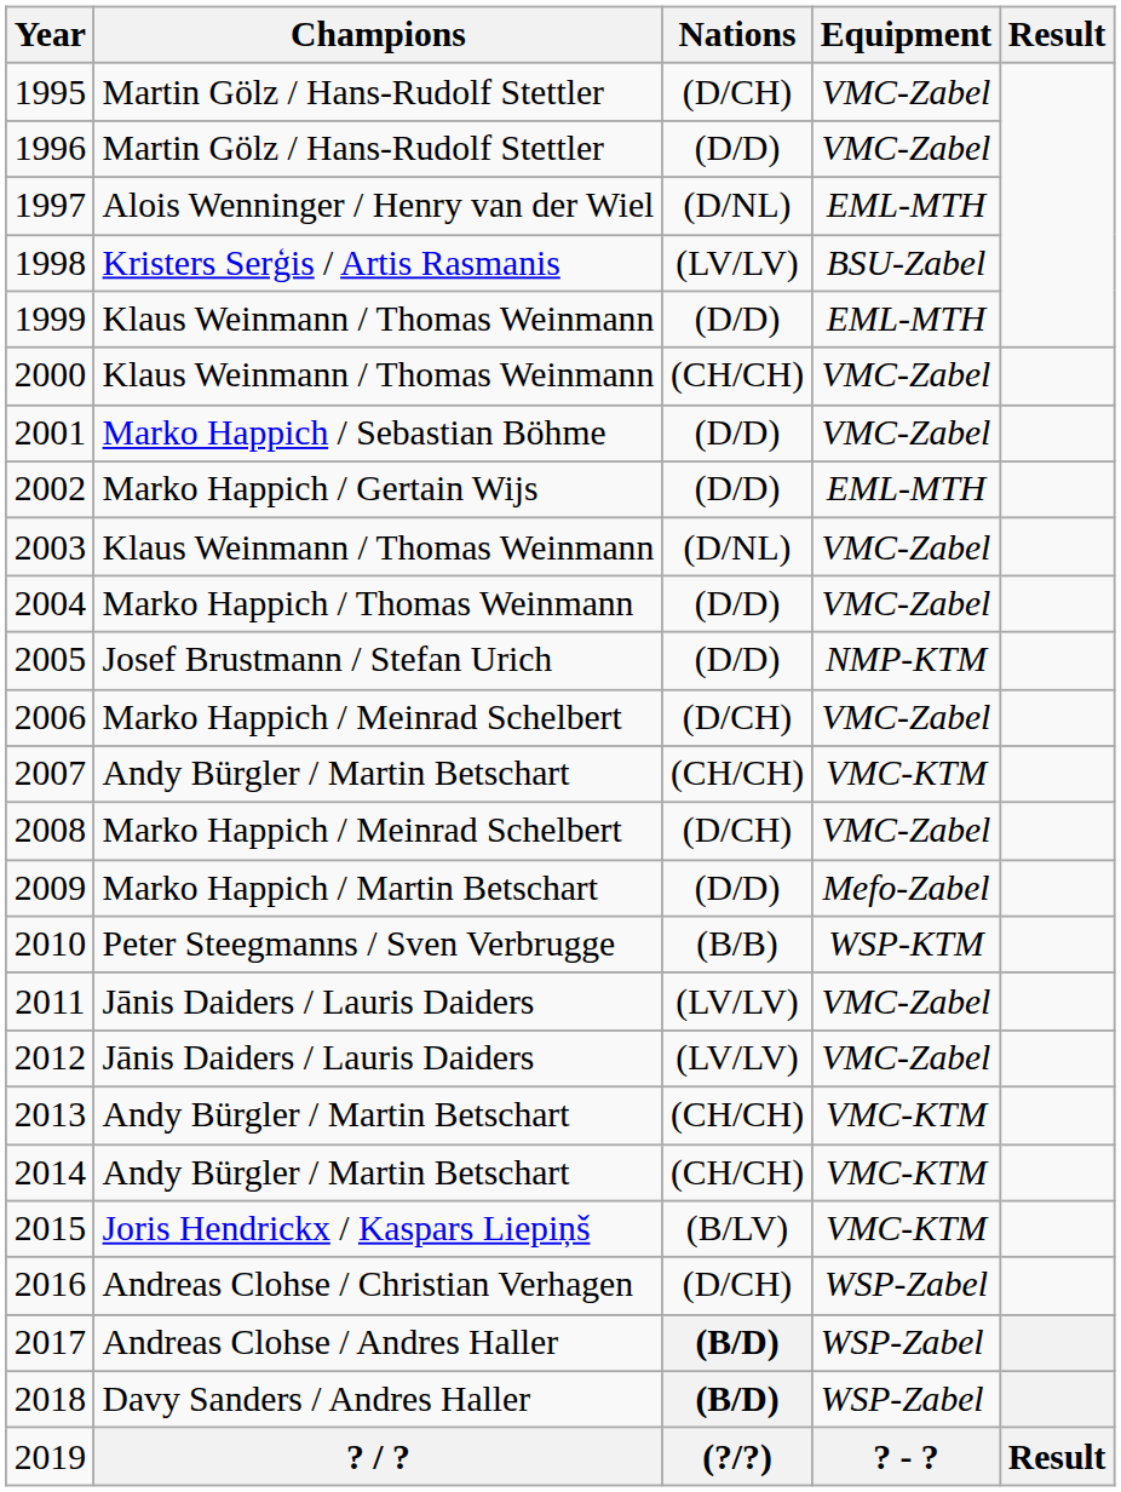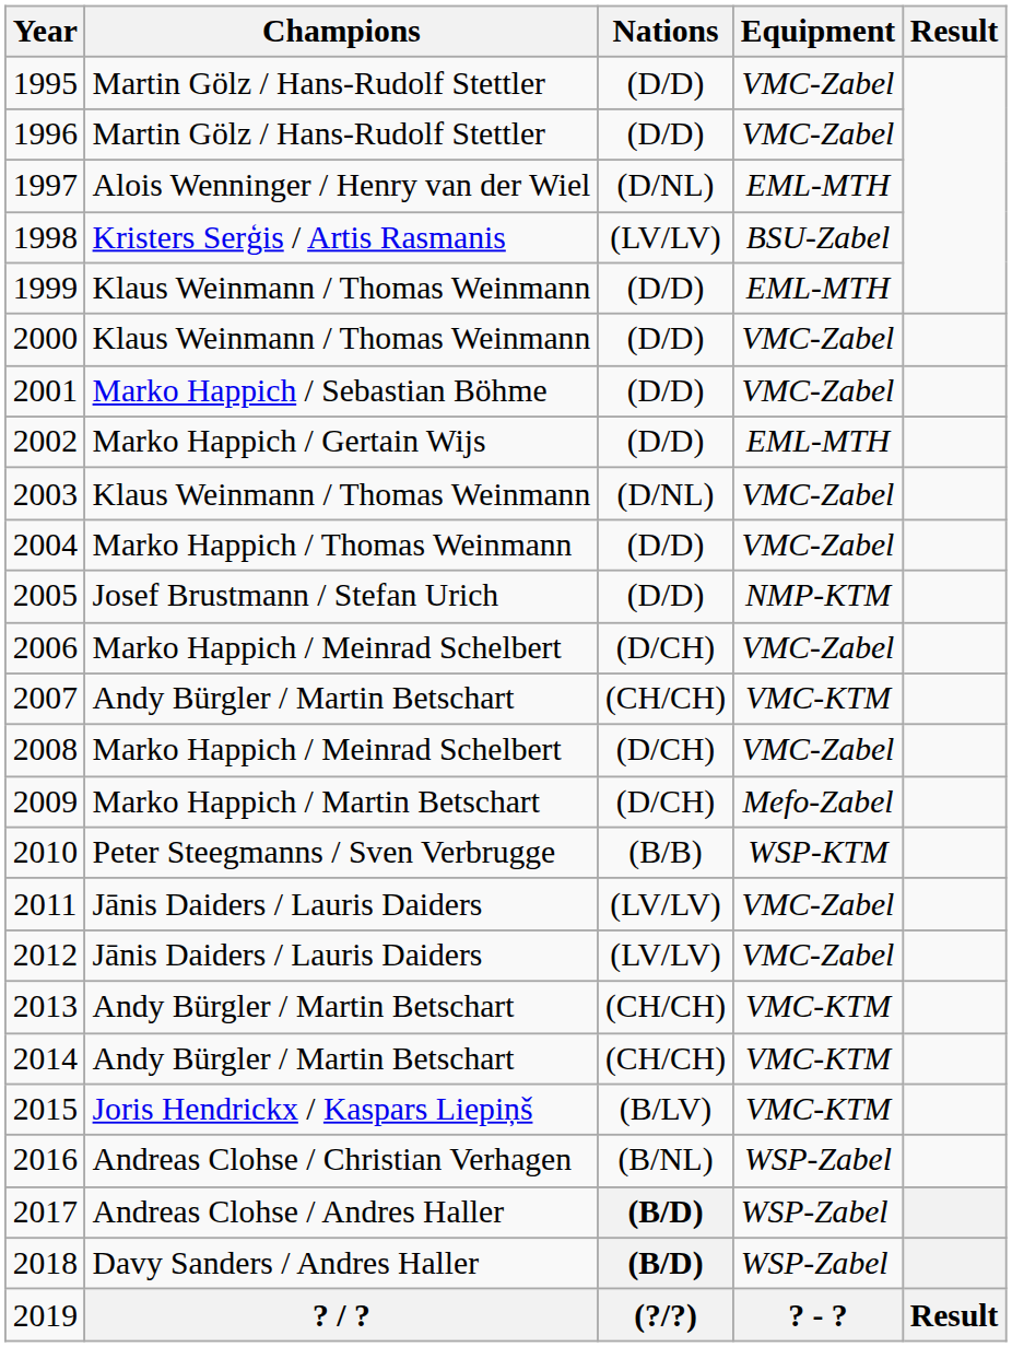 <table class="wikitable" style="display:inline-table;">
 <tr>
 <th>Year</th>
 <th>Champions</th>
 <th>Nations</th>
 <th>Equipment</th>
 <th>Result</th>
 </tr>
 <tr align="center">
 <td>1995</td>
 <td align="left">Martin Gölz / Hans-Rudolf Stettler</td>
-<td>(D/CH)</td>
+<td>(D/D)</td>
 <td><em>VMC-Zabel</em></td>
 <td rowspan=5></td>
 </tr>
 <tr align="center">
 <td>1996</td>
 <td align="left">Martin Gölz / Hans-Rudolf Stettler</td>
 <td>(D/D)</td>
 <td><em>VMC-Zabel</em></td>
 </tr>
 <tr align="center">
 <td>1997</td>
 <td align="left">Alois Wenninger / Henry van der Wiel</td>
 <td>(D/NL)</td>
 <td><em>EML-MTH</em></td>
 </tr>
 <tr align="center">
 <td>1998</td>
 <td align="left"><a href='#'>Kristers Serģis</a> / <a href='#'>Artis Rasmanis</a></td>
 <td>(LV/LV)</td>
 <td><em>BSU-Zabel</em></td>
 </tr>
 <tr align="center">
 <td>1999</td>
 <td align="left">Klaus Weinmann / Thomas Weinmann</td>
 <td>(D/D)</td>
 <td><em>EML-MTH</em></td>
 </tr>
 <tr align="center">
 <td>2000</td>
 <td align="left">Klaus Weinmann / Thomas Weinmann</td>
-<td>(CH/CH)</td>
+<td>(D/D)</td>
 <td><em>VMC-Zabel</em></td>
 <td></td>
 </tr>
 <tr align="center">
 <td>2001</td>
 <td align="left"><a href='#'>Marko Happich</a> / Sebastian Böhme</td>
 <td>(D/D)</td>
 <td><em>VMC-Zabel</em></td>
 <td></td>
 </tr>
 <tr align="center">
 <td>2002</td>
 <td align="left">Marko Happich / Gertain Wijs</td>
 <td>(D/D)</td>
 <td><em>EML-MTH</em></td>
 <td></td>
 </tr>
 <tr align="center">
 <td>2003</td>
 <td align="left">Klaus Weinmann / Thomas Weinmann</td>
 <td>(D/NL)</td>
 <td><em>VMC-Zabel</em></td>
 <td></td>
 </tr>
 <tr align="center">
 <td>2004</td>
 <td align="left">Marko Happich / Thomas Weinmann</td>
 <td>(D/D)</td>
 <td><em>VMC-Zabel</em></td>
 <td></td>
 </tr>
 <tr align="center">
 <td>2005</td>
 <td align="left">Josef Brustmann / Stefan Urich</td>
 <td>(D/D)</td>
 <td><em>NMP-KTM</em></td>
 <td></td>
 </tr>
 <tr align="center">
 <td>2006</td>
 <td align="left">Marko Happich / Meinrad Schelbert</td>
 <td>(D/CH)</td>
 <td><em>VMC-Zabel</em></td>
 <td></td>
 </tr>
 <tr align="center">
 <td>2007</td>
 <td align="left">Andy Bürgler / Martin Betschart</td>
 <td>(CH/CH)</td>
 <td><em>VMC-KTM</em></td>
 <td></td>
 </tr>
 <tr align="center">
 <td>2008</td>
 <td align="left">Marko Happich / Meinrad Schelbert</td>
 <td>(D/CH)</td>
 <td><em>VMC-Zabel</em></td>
 <td></td>
 </tr>
 <tr align="center">
 <td>2009</td>
 <td align="left">Marko Happich / Martin Betschart</td>
-<td>(D/D)</td>
+<td>(D/CH)</td>
 <td><em>Mefo-Zabel</em></td>
 <td></td>
 </tr>
 <tr align="center">
 <td>2010</td>
 <td align="left">Peter Steegmanns / Sven Verbrugge</td>
 <td>(B/B)</td>
 <td><em>WSP-KTM</em></td>
 <td></td>
 </tr>
 <tr align="center">
 <td>2011</td>
 <td align="left">Jānis Daiders / Lauris Daiders</td>
 <td>(LV/LV)</td>
 <td><em>VMC-Zabel</em></td>
 <td></td>
 </tr>
 <tr align="center">
 <td>2012</td>
 <td align="left">Jānis Daiders / Lauris Daiders</td>
 <td>(LV/LV)</td>
 <td><em>VMC-Zabel</em></td>
 <td></td>
 </tr>
 <tr align="center">
 <td>2013</td>
 <td align="left">Andy Bürgler / Martin Betschart</td>
 <td>(CH/CH)</td>
 <td><em>VMC-KTM</em></td>
 <td></td>
 </tr>
 <tr align="center">
 <td>2014</td>
 <td align="left">Andy Bürgler / Martin Betschart</td>
 <td>(CH/CH)</td>
 <td><em>VMC-KTM</em></td>
 <td></td>
 </tr>
 <tr align="center">
 <td>2015</td>
 <td align="left"><a href='#'>Joris Hendrickx</a> / <a href='#'>Kaspars Liepiņš</a></td>
 <td>(B/LV)</td>
 <td><em>VMC-KTM</em></td>
 <td> </td>
 </tr>
 <tr align="center">
 <td>2016</td>
 <td align="left">Andreas Clohse / Christian Verhagen</td>
-<td>(D/CH)</td>
+<td>(B/NL)</td>
 <td><em>WSP-Zabel</em></td>
 <td> </td>
 </tr>
 <tr>
 <td>2017</td>
 <td>Andreas Clohse / Andres Haller</td>
 <th>(B/D)</th>
 <td><em>WSP-Zabel</em></td>
 <th> </th>
 </tr>
 <tr>
 <td>2018</td>
 <td>Davy Sanders / Andres Haller</td>
 <th>(B/D)</th>
 <td><em>WSP-Zabel</em></td>
 <th> </th>
 </tr>
 <tr>
 <td>2019</td>
 <th><strong>? / ?</strong></th>
 <th>(?/?)</th>
 <th><strong>? - ?</strong></th>
 <th>Result</th>
 </tr>
 </table>
